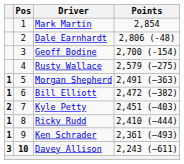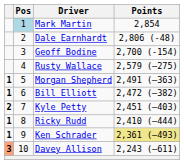 <table class="wikitable" style="font-size: 95%;">
 <tr>
 <th></th>
 <th>Pos</th>
 <th>Driver</th>
 <th>Points</th>
 </tr>
 <tr>
 <td align="left"></td>
-<td style="text-align:center;">1</td>
+<td style="background: lightblue; text-align:center;">1</td>
 <td><a href='#'>Mark Martin</a></td>
 <td style="text-align:center;">2,854</td>
 </tr>
 <tr>
 <td align="left"></td>
 <td style="text-align:center;">2</td>
 <td><a href='#'>Dale Earnhardt</a></td>
 <td style="text-align:center;">2,806 (-48)</td>
 </tr>
 <tr>
 <td align="left"></td>
 <td style="text-align:center;">3</td>
 <td><a href='#'>Geoff Bodine</a></td>
 <td style="text-align:center;">2,700 (-154)</td>
 </tr>
 <tr>
 <td align="left"></td>
 <td style="text-align:center;">4</td>
 <td><a href='#'>Rusty Wallace</a></td>
 <td style="text-align:center;">2,579 (–275)</td>
 </tr>
 <tr>
 <td align="left">  <strong>1</strong></td>
 <td style="text-align:center;">5</td>
 <td><a href='#'>Morgan Shepherd</a></td>
 <td style="text-align:center;">2,491 (–363)</td>
 </tr>
 <tr>
 <td align="left">  <strong>1</strong></td>
 <td style="text-align:center;">6</td>
 <td><a href='#'>Bill Elliott</a></td>
 <td style="text-align:center;">2,472 (–382)</td>
 </tr>
 <tr>
 <td align="left">  <strong>2</strong></td>
 <td style="text-align:center;">7</td>
 <td><a href='#'>Kyle Petty</a></td>
 <td style="text-align:center;">2,451 (–403)</td>
 </tr>
 <tr>
 <td align="left">  <strong>1</strong></td>
 <td style="text-align:center;">8</td>
 <td><a href='#'>Ricky Rudd</a></td>
 <td style="text-align:center;">2,410 (–444)</td>
 </tr>
 <tr>
 <td align="left">  <strong>1</strong></td>
 <td style="text-align:center;">9</td>
 <td><a href='#'>Ken Schrader</a></td>
-<td style="text-align:center;">2,361 (–493)</td>
+<td style="background: khaki; text-align:center;">2,361 (–493)</td>
 </tr>
 <tr>
-<td align="left">  <strong>3</strong></td>
-<td style="text-align:center;"><strong>10</strong></td>
+<td align="left" style="background: lightsalmon;">  <strong>3</strong></td>
+<td style="text-align:center;">10</td>
 <td><a href='#'>Davey Allison</a></td>
 <td style="text-align:center;">2,243 (–611)</td>
 </tr>
 <tr class="sortbottom">
 <th colspan="9"></th>
 </tr>
 </table>
